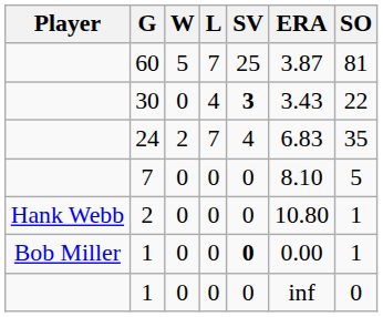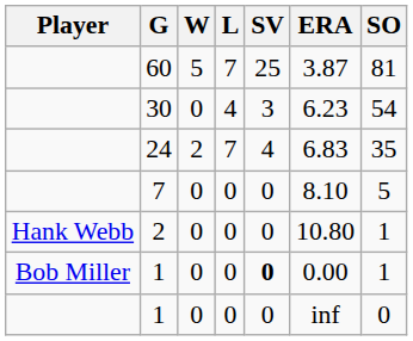 <table class="wikitable sortable">
 <tr>
 <th>Player</th>
 <th>G</th>
 <th>W</th>
 <th>L</th>
 <th>SV</th>
 <th>ERA</th>
 <th>SO</th>
 </tr>
 <tr align="center">
 <td></td>
 <td>60</td>
 <td>5</td>
 <td>7</td>
 <td>25</td>
 <td>3.87</td>
 <td>81</td>
 </tr>
 <tr align="center">
 <td></td>
 <td>30</td>
 <td>0</td>
 <td>4</td>
-<td><strong>3</strong></td>
-<td>3.43</td>
-<td>22</td>
+<td>3</td>
+<td>6.23</td>
+<td>54</td>
 </tr>
 <tr align="center">
 <td></td>
 <td>24</td>
 <td>2</td>
 <td>7</td>
 <td>4</td>
 <td>6.83</td>
 <td>35</td>
 </tr>
 <tr align="center">
 <td></td>
 <td>7</td>
 <td>0</td>
 <td>0</td>
 <td>0</td>
 <td>8.10</td>
 <td>5</td>
 </tr>
 <tr align="center">
 <td><a href='#'>Hank Webb</a></td>
 <td>2</td>
 <td>0</td>
 <td>0</td>
 <td>0</td>
 <td>10.80</td>
 <td>1</td>
 </tr>
 <tr align=center>
 <td><a href='#'>Bob Miller</a></td>
 <td>1</td>
 <td>0</td>
 <td>0</td>
 <td><strong>0</strong></td>
 <td>0.00</td>
 <td>1</td>
 </tr>
 <tr align=center>
 <td></td>
 <td>1</td>
 <td>0</td>
 <td>0</td>
 <td>0</td>
 <td>inf</td>
 <td>0</td>
 </tr>
 </table>
